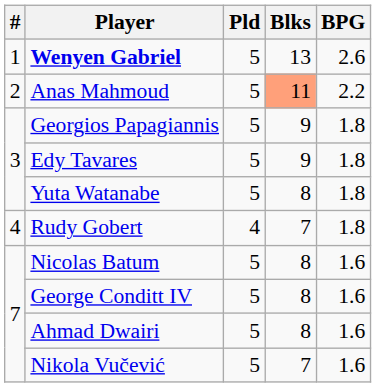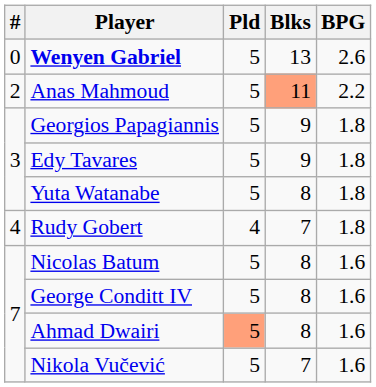 <table class=wikitable style="text-align:right; display:inline-table;">
 <tr>
 <th>#</th>
 <th>Player</th>
 <th>Pld</th>
 <th>Blks</th>
 <th>BPG</th>
 </tr>
 <tr>
-<td>1</td>
+<td>0</td>
 <td align=left> <strong><a href='#'>Wenyen Gabriel</a></strong></td>
 <td>5</td>
 <td>13</td>
 <td>2.6</td>
 </tr>
 <tr>
 <td>2</td>
 <td align=left> <a href='#'>Anas Mahmoud</a></td>
 <td>5</td>
 <td style="background: lightsalmon;">11</td>
 <td>2.2</td>
 </tr>
 <tr>
 <td rowspan=3>3</td>
 <td align=left> <a href='#'>Georgios Papagiannis</a></td>
 <td>5</td>
 <td>9</td>
 <td>1.8</td>
 </tr>
 <tr>
 <td align=left> <a href='#'>Edy Tavares</a></td>
 <td>5</td>
 <td>9</td>
 <td>1.8</td>
 </tr>
 <tr>
 <td align=left> <a href='#'>Yuta Watanabe</a></td>
 <td>5</td>
 <td>8</td>
 <td>1.8</td>
 </tr>
 <tr>
 <td>4</td>
 <td align=left> <a href='#'>Rudy Gobert</a></td>
 <td>4</td>
 <td>7</td>
 <td>1.8</td>
 </tr>
 <tr>
 <td rowspan=4>7</td>
 <td align=left> <a href='#'>Nicolas Batum</a></td>
 <td>5</td>
 <td>8</td>
 <td>1.6</td>
 </tr>
 <tr>
 <td align=left> <a href='#'>George Conditt IV</a></td>
 <td>5</td>
 <td>8</td>
 <td>1.6</td>
 </tr>
 <tr>
 <td align=left> <a href='#'>Ahmad Dwairi</a></td>
-<td>5</td>
+<td style="background: lightsalmon;">5</td>
 <td>8</td>
 <td>1.6</td>
 </tr>
 <tr>
 <td align=left> <a href='#'>Nikola Vučević</a></td>
 <td>5</td>
 <td>7</td>
 <td>1.6</td>
 </tr>
 </table>
